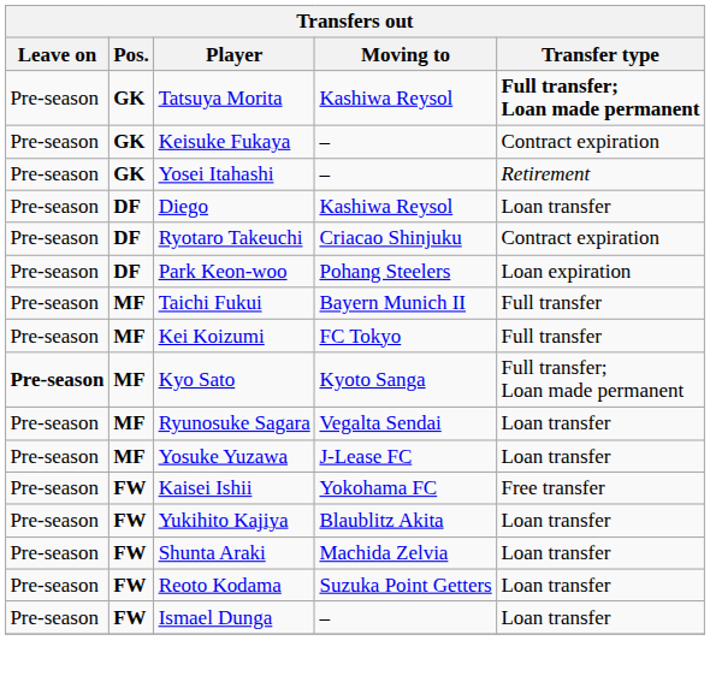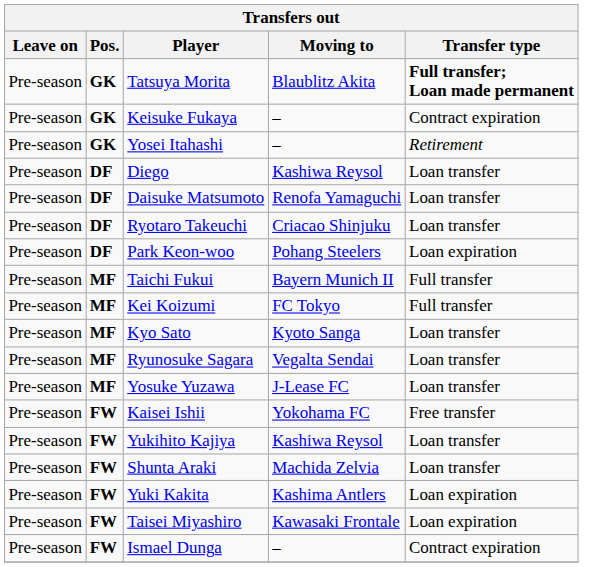 <table class="wikitable sortable" style=“text-align:left;>
 <tr>
 <th colspan="5">Transfers out</th>
 </tr>
 <tr>
 <th>Leave on</th>
 <th>Pos.</th>
 <th>Player</th>
 <th>Moving to</th>
 <th>Transfer type</th>
 </tr>
 <tr>
 <td>Pre-season</td>
 <td><strong>GK</strong></td>
 <td> <a href='#'>Tatsuya Morita</a></td>
-<td> <a href='#'>Kashiwa Reysol</a></td>
+<td> <a href='#'>Blaublitz Akita</a></td>
 <td><strong>Full transfer;<br> Loan made permanent</strong></td>
 </tr>
 <tr>
 <td>Pre-season</td>
 <td><strong>GK</strong></td>
 <td> <a href='#'>Keisuke Fukaya</a></td>
 <td>–</td>
 <td>Contract expiration</td>
 </tr>
 <tr>
 <td>Pre-season</td>
 <td><strong>GK</strong></td>
 <td> <a href='#'>Yosei Itahashi</a></td>
 <td>–</td>
 <td><em>Retirement</em></td>
 </tr>
 <tr>
 <td>Pre-season</td>
 <td><strong>DF</strong></td>
 <td> <a href='#'>Diego</a></td>
 <td> <a href='#'>Kashiwa Reysol</a></td>
 <td>Loan transfer</td>
 </tr>
 <tr>
 <td>Pre-season</td>
 <td><strong>DF</strong></td>
+<td> <a href='#'>Daisuke Matsumoto</a></td>
+<td> <a href='#'>Renofa Yamaguchi</a></td>
+<td>Loan transfer</td>
+</tr>
+<tr>
+<td>Pre-season</td>
+<td><strong>DF</strong></td>
 <td> <a href='#'>Ryotaro Takeuchi</a></td>
 <td> <a href='#'>Criacao Shinjuku</a></td>
-<td>Contract expiration</td>
+<td>Loan transfer</td>
 </tr>
 <tr>
 <td>Pre-season</td>
 <td><strong>DF</strong></td>
 <td> <a href='#'>Park Keon-woo</a></td>
 <td> <a href='#'>Pohang Steelers</a></td>
 <td>Loan expiration</td>
 </tr>
 <tr>
 <td>Pre-season</td>
 <td><strong>MF</strong></td>
 <td> <a href='#'>Taichi Fukui</a></td>
 <td> <a href='#'>Bayern Munich II</a></td>
 <td>Full transfer</td>
 </tr>
 <tr>
 <td>Pre-season</td>
 <td><strong>MF</strong></td>
 <td> <a href='#'>Kei Koizumi</a></td>
 <td> <a href='#'>FC Tokyo</a></td>
 <td>Full transfer</td>
 </tr>
 <tr>
-<td><strong>Pre-season</strong></td>
+<td>Pre-season</td>
 <td><strong>MF</strong></td>
 <td> <a href='#'>Kyo Sato</a></td>
 <td> <a href='#'>Kyoto Sanga</a></td>
-<td>Full transfer;<br> Loan made permanent</td>
+<td>Loan transfer</td>
 </tr>
 <tr>
 <td>Pre-season</td>
 <td><strong>MF</strong></td>
 <td> <a href='#'>Ryunosuke Sagara</a></td>
 <td> <a href='#'>Vegalta Sendai</a></td>
 <td>Loan transfer</td>
 </tr>
 <tr>
 <td>Pre-season</td>
 <td><strong>MF</strong></td>
 <td> <a href='#'>Yosuke Yuzawa</a></td>
 <td> <a href='#'>J-Lease FC</a></td>
 <td>Loan transfer</td>
 </tr>
 <tr>
 <td>Pre-season</td>
 <td><strong>FW</strong></td>
 <td> <a href='#'>Kaisei Ishii</a></td>
 <td> <a href='#'>Yokohama FC</a></td>
 <td>Free transfer</td>
 </tr>
 <tr>
 <td>Pre-season</td>
 <td><strong>FW</strong></td>
 <td> <a href='#'>Yukihito Kajiya</a></td>
-<td> <a href='#'>Blaublitz Akita</a></td>
+<td> <a href='#'>Kashiwa Reysol</a></td>
 <td>Loan transfer</td>
 </tr>
 <tr>
 <td>Pre-season</td>
 <td><strong>FW</strong></td>
 <td> <a href='#'>Shunta Araki</a></td>
 <td> <a href='#'>Machida Zelvia</a></td>
 <td>Loan transfer</td>
 </tr>
 <tr>
 <td>Pre-season</td>
 <td><strong>FW</strong></td>
-<td> <a href='#'>Reoto Kodama</a></td>
-<td> <a href='#'>Suzuka Point Getters</a></td>
-<td>Loan transfer</td>
+<td> <a href='#'>Yuki Kakita</a></td>
+<td> <a href='#'>Kashima Antlers</a></td>
+<td>Loan expiration</td>
+</tr>
+<tr>
+<td>Pre-season</td>
+<td><strong>FW</strong></td>
+<td> <a href='#'>Taisei Miyashiro</a></td>
+<td> <a href='#'>Kawasaki Frontale</a></td>
+<td>Loan expiration</td>
 </tr>
 <tr>
 <td>Pre-season</td>
 <td><strong>FW</strong></td>
 <td> <a href='#'>Ismael Dunga</a></td>
 <td>–</td>
-<td>Loan transfer</td>
+<td>Contract expiration</td>
 </tr>
 <tr>
 </tr>
 </table>
